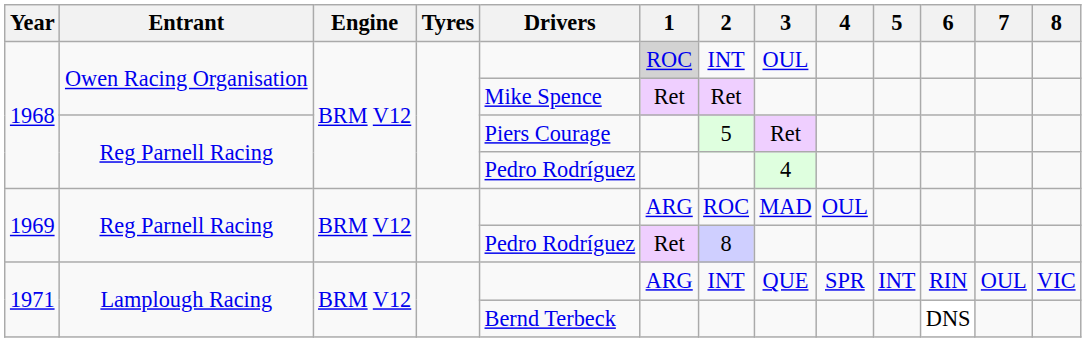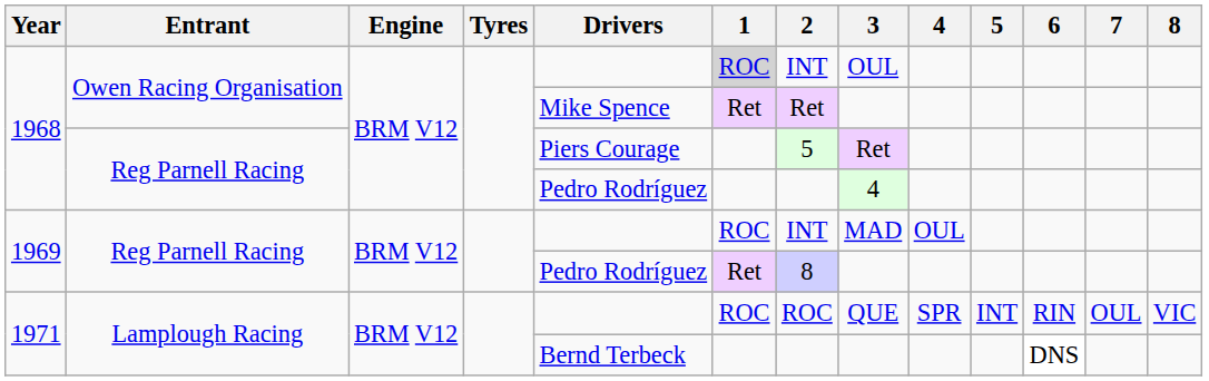 <table class="wikitable" style="text-align:center; font-size:95%">
 <tr>
 <th>Year</th>
 <th>Entrant</th>
 <th>Engine</th>
 <th>Tyres</th>
 <th>Drivers</th>
 <th>1</th>
 <th>2</th>
 <th>3</th>
 <th>4</th>
 <th>5</th>
 <th>6</th>
 <th>7</th>
 <th>8</th>
 </tr>
 <tr>
 <td rowspan="4"><a href='#'>1968</a></td>
 <td rowspan="2"><a href='#'>Owen Racing Organisation</a></td>
 <td rowspan="4"><a href='#'>BRM</a> <a href='#'>V12</a></td>
 <td rowspan="4"></td>
 <td></td>
 <td style="background: lightgrey;"><a href='#'>ROC</a></td>
 <td><a href='#'>INT</a></td>
 <td><a href='#'>OUL</a></td>
 <td></td>
 <td></td>
 <td></td>
 <td></td>
 <td></td>
 </tr>
 <tr>
 <td align="left"><a href='#'>Mike Spence</a></td>
 <td style="background:#EFCFFF;">Ret</td>
 <td style="background:#EFCFFF;">Ret</td>
 <td></td>
 <td></td>
 <td></td>
 <td></td>
 <td></td>
 <td></td>
 </tr>
 <tr>
 <td rowspan="2"><a href='#'>Reg Parnell Racing</a></td>
 <td align="left"><a href='#'>Piers Courage</a></td>
 <td></td>
 <td style="background:#DFFFDF;">5</td>
 <td style="background:#EFCFFF;">Ret</td>
 <td></td>
 <td></td>
 <td></td>
 <td></td>
 <td></td>
 </tr>
 <tr>
 <td align="left"><a href='#'>Pedro Rodríguez</a></td>
 <td></td>
 <td></td>
 <td style="background:#DFFFDF;">4</td>
 <td></td>
 <td></td>
 <td></td>
 <td></td>
 <td></td>
 </tr>
 <tr>
 <td rowspan="2"><a href='#'>1969</a></td>
 <td rowspan="2"><a href='#'>Reg Parnell Racing</a></td>
 <td rowspan="2"><a href='#'>BRM</a> <a href='#'>V12</a></td>
 <td rowspan="2"></td>
 <td></td>
-<td><a href='#'>ARG</a></td>
 <td><a href='#'>ROC</a></td>
+<td><a href='#'>INT</a></td>
 <td><a href='#'>MAD</a></td>
 <td><a href='#'>OUL</a></td>
 <td></td>
 <td></td>
 <td></td>
 <td></td>
 </tr>
 <tr>
 <td align="left"><a href='#'>Pedro Rodríguez</a></td>
 <td style="background:#EFCFFF;">Ret</td>
 <td style="background:#CFCFFF;">8</td>
 <td></td>
 <td></td>
 <td></td>
 <td></td>
 <td></td>
 <td></td>
 </tr>
 <tr>
 <td rowspan="2"><a href='#'>1971</a></td>
 <td rowspan="2"><a href='#'>Lamplough Racing</a></td>
 <td rowspan="2"><a href='#'>BRM</a> <a href='#'>V12</a></td>
 <td rowspan="2"></td>
 <td></td>
-<td><a href='#'>ARG</a></td>
-<td><a href='#'>INT</a></td>
+<td><a href='#'>ROC</a></td>
+<td><a href='#'>ROC</a></td>
 <td><a href='#'>QUE</a></td>
 <td><a href='#'>SPR</a></td>
 <td><a href='#'>INT</a></td>
 <td><a href='#'>RIN</a></td>
 <td><a href='#'>OUL</a></td>
 <td><a href='#'>VIC</a></td>
 </tr>
 <tr>
 <td align="left"><a href='#'>Bernd Terbeck</a></td>
 <td></td>
 <td></td>
 <td></td>
 <td></td>
 <td></td>
 <td style="background:#FFFFFF;">DNS</td>
 <td></td>
 <td></td>
 </tr>
 </table>
